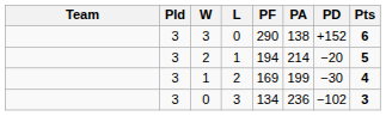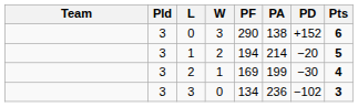 <table class=wikitable style="text-align:center">
 <tr>
 <th width=180>Team</th>
 <th width=30>Pld</th>
+<th width=30>L</th>
 <th width=30>W</th>
-<th width=30>L</th>
 <th width=30>PF</th>
 <th width=30>PA</th>
 <th width=30>PD</th>
 <th width=30>Pts</th>
 </tr>
 <tr align=center>
 <td align=left></td>
 <td>3</td>
+<td>0</td>
 <td>3</td>
-<td>0</td>
 <td>290</td>
 <td>138</td>
 <td>+152</td>
 <td><strong>6</strong></td>
 </tr>
 <tr align=center>
 <td align=left></td>
 <td>3</td>
+<td>1</td>
 <td>2</td>
-<td>1</td>
 <td>194</td>
 <td>214</td>
 <td>−20</td>
 <td><strong>5</strong></td>
 </tr>
 <tr align=center>
 <td align=left></td>
 <td>3</td>
+<td>2</td>
 <td>1</td>
-<td>2</td>
 <td>169</td>
 <td>199</td>
 <td>−30</td>
 <td><strong>4</strong></td>
 </tr>
 <tr align=center>
 <td align=left></td>
 <td>3</td>
+<td>3</td>
 <td>0</td>
-<td>3</td>
 <td>134</td>
 <td>236</td>
 <td>−102</td>
 <td><strong>3</strong></td>
 </tr>
 </table>
